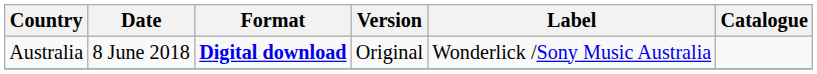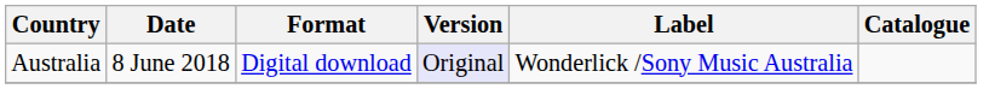 <table class="wikitable">
 <tr>
 <th>Country</th>
 <th>Date</th>
 <th>Format</th>
 <th>Version</th>
 <th>Label</th>
 <th>Catalogue</th>
 </tr>
 <tr>
 <td>Australia</td>
 <td>8 June 2018</td>
-<td><strong><a href='#'>Digital download</a></strong></td>
-<td>Original</td>
+<td><a href='#'>Digital download</a></td>
+<td style="background: lavender;">Original</td>
 <td>Wonderlick /<a href='#'>Sony Music Australia</a></td>
 <td></td>
 </tr>
 <tr>
 </tr>
 </table>
